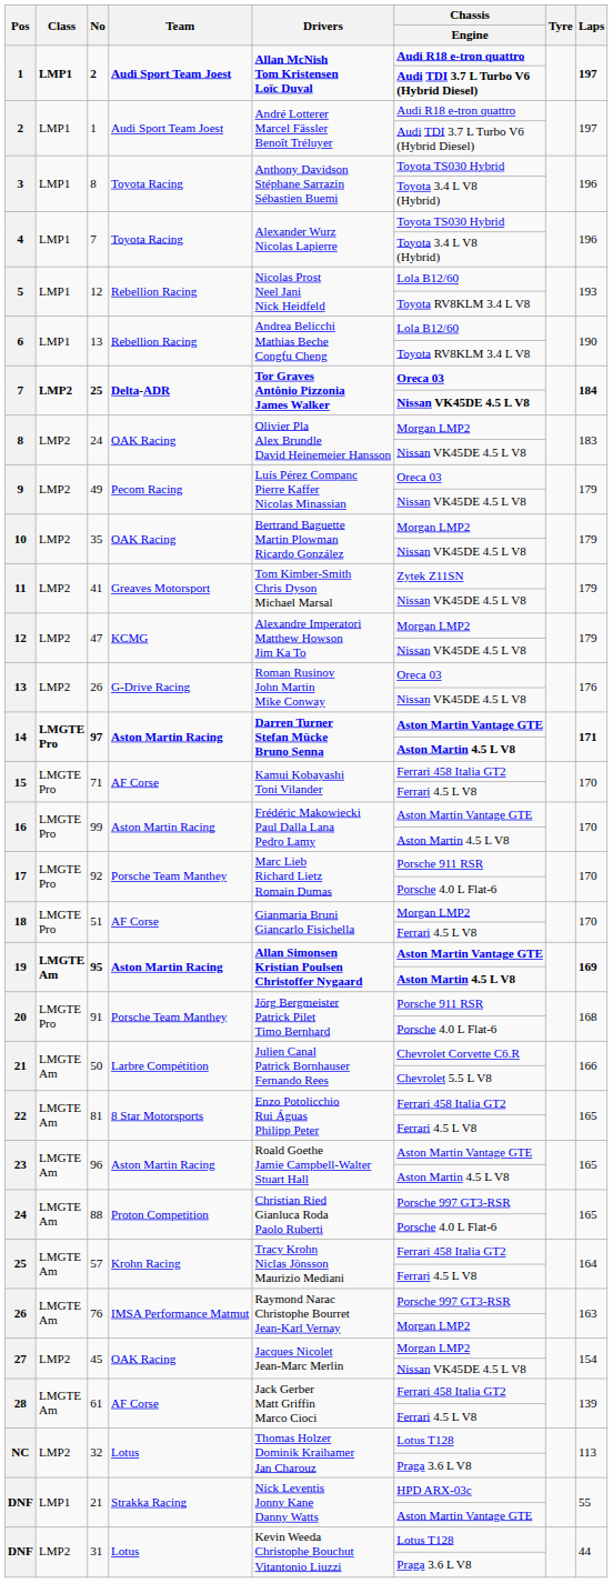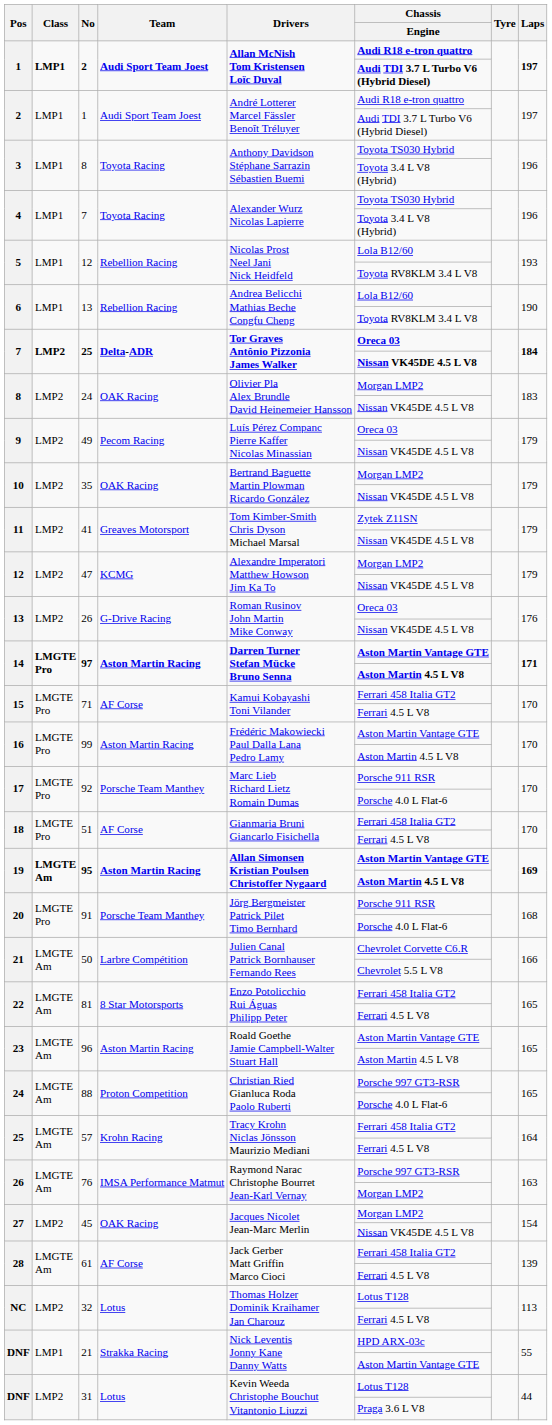 <table class="wikitable" style="font-size: 95%;">
 <tr>
 <th rowspan=2>Pos</th>
 <th rowspan=2>Class</th>
 <th rowspan=2>No</th>
 <th rowspan=2>Team</th>
 <th rowspan=2>Drivers</th>
 <th>Chassis</th>
 <th rowspan=2>Tyre</th>
 <th rowspan=2>Laps</th>
 </tr>
 <tr>
 <th>Engine</th>
 </tr>
 <tr style="font-weight:bold">
 <th rowspan=2>1</th>
 <td rowspan=2>LMP1</td>
 <td rowspan=2>2</td>
 <td rowspan=2> <a href='#'>Audi Sport Team Joest</a></td>
 <td rowspan=2> <a href='#'>Allan McNish</a><br> <a href='#'>Tom Kristensen</a><br> <a href='#'>Loïc Duval</a></td>
 <td><a href='#'>Audi R18 e-tron quattro</a></td>
 <td rowspan=2></td>
 <td rowspan=2>197</td>
 </tr>
 <tr style="font-weight:bold">
 <td><a href='#'>Audi</a> <a href='#'>TDI</a> 3.7 L Turbo V6<br>(Hybrid Diesel)</td>
 </tr>
 <tr>
 <th rowspan=2>2</th>
 <td rowspan=2>LMP1</td>
 <td rowspan=2>1</td>
 <td rowspan=2> <a href='#'>Audi Sport Team Joest</a></td>
 <td rowspan=2> <a href='#'>André Lotterer</a><br> <a href='#'>Marcel Fässler</a><br> <a href='#'>Benoît Tréluyer</a></td>
 <td><a href='#'>Audi R18 e-tron quattro</a></td>
 <td rowspan=2></td>
 <td rowspan=2>197</td>
 </tr>
 <tr>
 <td><a href='#'>Audi</a> <a href='#'>TDI</a> 3.7 L Turbo V6<br>(Hybrid Diesel)</td>
 </tr>
 <tr>
 <th rowspan=2>3</th>
 <td rowspan=2>LMP1</td>
 <td rowspan=2>8</td>
 <td rowspan=2> <a href='#'>Toyota Racing</a></td>
 <td rowspan=2> <a href='#'>Anthony Davidson</a><br> <a href='#'>Stéphane Sarrazin</a><br> <a href='#'>Sébastien Buemi</a></td>
 <td><a href='#'>Toyota TS030 Hybrid</a></td>
 <td rowspan=2></td>
 <td rowspan=2>196</td>
 </tr>
 <tr>
 <td><a href='#'>Toyota</a> 3.4 L V8<br>(Hybrid)</td>
 </tr>
 <tr>
 <th rowspan=2>4</th>
 <td rowspan=2>LMP1</td>
 <td rowspan=2>7</td>
 <td rowspan=2> <a href='#'>Toyota Racing</a></td>
 <td rowspan=2> <a href='#'>Alexander Wurz</a><br> <a href='#'>Nicolas Lapierre</a></td>
 <td><a href='#'>Toyota TS030 Hybrid</a></td>
 <td rowspan=2></td>
 <td rowspan=2>196</td>
 </tr>
 <tr>
 <td><a href='#'>Toyota</a> 3.4 L V8<br>(Hybrid)</td>
 </tr>
 <tr>
 <th rowspan=2>5</th>
 <td rowspan=2>LMP1</td>
 <td rowspan=2>12</td>
 <td rowspan=2> <a href='#'>Rebellion Racing</a></td>
 <td rowspan=2> <a href='#'>Nicolas Prost</a><br> <a href='#'>Neel Jani</a><br> <a href='#'>Nick Heidfeld</a></td>
 <td><a href='#'>Lola B12/60</a></td>
 <td rowspan=2></td>
 <td rowspan=2>193</td>
 </tr>
 <tr>
 <td><a href='#'>Toyota</a> RV8KLM 3.4 L V8</td>
 </tr>
 <tr>
 <th rowspan=2>6</th>
 <td rowspan=2>LMP1</td>
 <td rowspan=2>13</td>
 <td rowspan=2> <a href='#'>Rebellion Racing</a></td>
 <td rowspan=2> <a href='#'>Andrea Belicchi</a><br> <a href='#'>Mathias Beche</a><br> <a href='#'>Congfu Cheng</a></td>
 <td><a href='#'>Lola B12/60</a></td>
 <td rowspan=2></td>
 <td rowspan=2>190</td>
 </tr>
 <tr>
 <td><a href='#'>Toyota</a> RV8KLM 3.4 L V8</td>
 </tr>
 <tr style="font-weight:bold">
 <th rowspan=2>7</th>
 <td rowspan=2>LMP2</td>
 <td rowspan=2>25</td>
 <td rowspan=2> <a href='#'>Delta</a>-<a href='#'>ADR</a></td>
 <td rowspan=2> <a href='#'>Tor Graves</a><br> <a href='#'>Antônio Pizzonia</a><br> <a href='#'>James Walker</a></td>
 <td><a href='#'>Oreca 03</a></td>
 <td rowspan=2></td>
 <td rowspan=2>184</td>
 </tr>
 <tr style="font-weight:bold">
 <td><a href='#'>Nissan</a> VK45DE 4.5 L V8</td>
 </tr>
 <tr>
 <th rowspan=2>8</th>
 <td rowspan=2>LMP2</td>
 <td rowspan=2>24</td>
 <td rowspan=2> <a href='#'>OAK Racing</a></td>
 <td rowspan=2> <a href='#'>Olivier Pla</a><br> <a href='#'>Alex Brundle</a><br> <a href='#'>David Heinemeier Hansson</a></td>
 <td><a href='#'>Morgan LMP2</a></td>
 <td rowspan=2></td>
 <td rowspan=2>183</td>
 </tr>
 <tr>
 <td><a href='#'>Nissan</a> VK45DE 4.5 L V8</td>
 </tr>
 <tr>
 <th rowspan=2>9</th>
 <td rowspan=2>LMP2</td>
 <td rowspan=2>49</td>
 <td rowspan=2> <a href='#'>Pecom Racing</a></td>
 <td rowspan=2> <a href='#'>Luís Pérez Companc</a><br> <a href='#'>Pierre Kaffer</a><br> <a href='#'>Nicolas Minassian</a></td>
 <td><a href='#'>Oreca 03</a></td>
 <td rowspan=2></td>
 <td rowspan=2>179</td>
 </tr>
 <tr>
 <td><a href='#'>Nissan</a> VK45DE 4.5 L V8</td>
 </tr>
 <tr>
 <th rowspan=2>10</th>
 <td rowspan=2>LMP2</td>
 <td rowspan=2>35</td>
 <td rowspan=2> <a href='#'>OAK Racing</a></td>
 <td rowspan=2> <a href='#'>Bertrand Baguette</a><br> <a href='#'>Martin Plowman</a><br> <a href='#'>Ricardo González</a></td>
 <td><a href='#'>Morgan LMP2</a></td>
 <td rowspan=2></td>
 <td rowspan=2>179</td>
 </tr>
 <tr>
 <td><a href='#'>Nissan</a> VK45DE 4.5 L V8</td>
 </tr>
 <tr>
 <th rowspan=2>11</th>
 <td rowspan=2>LMP2</td>
 <td rowspan=2>41</td>
 <td rowspan=2> <a href='#'>Greaves Motorsport</a></td>
 <td rowspan=2> <a href='#'>Tom Kimber-Smith</a><br> <a href='#'>Chris Dyson</a><br> Michael Marsal</td>
 <td><a href='#'>Zytek Z11SN</a></td>
 <td rowspan=2></td>
 <td rowspan=2>179</td>
 </tr>
 <tr>
 <td><a href='#'>Nissan</a> VK45DE 4.5 L V8</td>
 </tr>
 <tr>
 <th rowspan=2>12</th>
 <td rowspan=2>LMP2</td>
 <td rowspan=2>47</td>
 <td rowspan=2> <a href='#'>KCMG</a></td>
 <td rowspan=2> <a href='#'>Alexandre Imperatori</a><br> <a href='#'>Matthew Howson</a><br> <a href='#'>Jim Ka To</a></td>
 <td><a href='#'>Morgan LMP2</a></td>
 <td rowspan=2></td>
 <td rowspan=2>179</td>
 </tr>
 <tr>
 <td><a href='#'>Nissan</a> VK45DE 4.5 L V8</td>
 </tr>
 <tr>
 <th rowspan=2>13</th>
 <td rowspan=2>LMP2</td>
 <td rowspan=2>26</td>
 <td rowspan=2> <a href='#'>G-Drive Racing</a></td>
 <td rowspan=2> <a href='#'>Roman Rusinov</a><br> <a href='#'>John Martin</a><br> <a href='#'>Mike Conway</a></td>
 <td><a href='#'>Oreca 03</a></td>
 <td rowspan=2></td>
 <td rowspan=2>176</td>
 </tr>
 <tr>
 <td><a href='#'>Nissan</a> VK45DE 4.5 L V8</td>
 </tr>
 <tr style="font-weight:bold">
 <th rowspan=2>14</th>
 <td rowspan=2>LMGTE<br>Pro</td>
 <td rowspan=2>97</td>
 <td rowspan=2> <a href='#'>Aston Martin Racing</a></td>
 <td rowspan=2> <a href='#'>Darren Turner</a><br> <a href='#'>Stefan Mücke</a><br> <a href='#'>Bruno Senna</a></td>
 <td><a href='#'>Aston Martin Vantage GTE</a></td>
 <td rowspan=2></td>
 <td rowspan=2>171</td>
 </tr>
 <tr style="font-weight:bold">
 <td><a href='#'>Aston Martin</a> 4.5 L V8</td>
 </tr>
 <tr>
 <th rowspan=2>15</th>
 <td rowspan=2>LMGTE<br>Pro</td>
 <td rowspan=2>71</td>
 <td rowspan=2> <a href='#'>AF Corse</a></td>
 <td rowspan=2> <a href='#'>Kamui Kobayashi</a><br> <a href='#'>Toni Vilander</a></td>
 <td><a href='#'>Ferrari 458 Italia GT2</a></td>
 <td rowspan=2></td>
 <td rowspan=2>170</td>
 </tr>
 <tr>
 <td><a href='#'>Ferrari</a> 4.5 L V8</td>
 </tr>
 <tr>
 <th rowspan=2>16</th>
 <td rowspan=2>LMGTE<br>Pro</td>
 <td rowspan=2>99</td>
 <td rowspan=2> <a href='#'>Aston Martin Racing</a></td>
 <td rowspan=2> <a href='#'>Frédéric Makowiecki</a><br> <a href='#'>Paul Dalla Lana</a><br> <a href='#'>Pedro Lamy</a></td>
 <td><a href='#'>Aston Martin Vantage GTE</a></td>
 <td rowspan=2></td>
 <td rowspan=2>170</td>
 </tr>
 <tr>
 <td><a href='#'>Aston Martin</a> 4.5 L V8</td>
 </tr>
 <tr>
 <th rowspan=2>17</th>
 <td rowspan=2>LMGTE<br>Pro</td>
 <td rowspan=2>92</td>
 <td rowspan=2> <a href='#'>Porsche Team Manthey</a></td>
 <td rowspan=2> <a href='#'>Marc Lieb</a><br> <a href='#'>Richard Lietz</a><br> <a href='#'>Romain Dumas</a></td>
 <td><a href='#'>Porsche 911 RSR</a></td>
 <td rowspan=2></td>
 <td rowspan=2>170</td>
 </tr>
 <tr>
 <td><a href='#'>Porsche</a> 4.0 L Flat-6</td>
 </tr>
 <tr>
 <th rowspan=2>18</th>
 <td rowspan=2>LMGTE<br>Pro</td>
 <td rowspan=2>51</td>
 <td rowspan=2> <a href='#'>AF Corse</a></td>
 <td rowspan=2> <a href='#'>Gianmaria Bruni</a><br> <a href='#'>Giancarlo Fisichella</a></td>
-<td><a href='#'>Morgan LMP2</a></td>
+<td><a href='#'>Ferrari 458 Italia GT2</a></td>
 <td rowspan=2></td>
 <td rowspan=2>170</td>
 </tr>
 <tr>
 <td><a href='#'>Ferrari</a> 4.5 L V8</td>
 </tr>
 <tr style="font-weight:bold">
 <th rowspan=2>19</th>
 <td rowspan=2>LMGTE<br>Am</td>
 <td rowspan=2>95</td>
 <td rowspan=2> <a href='#'>Aston Martin Racing</a></td>
 <td rowspan=2> <a href='#'>Allan Simonsen</a><br> <a href='#'>Kristian Poulsen</a><br> <a href='#'>Christoffer Nygaard</a></td>
 <td><a href='#'>Aston Martin Vantage GTE</a></td>
 <td rowspan=2></td>
 <td rowspan=2>169</td>
 </tr>
 <tr style="font-weight:bold">
 <td><a href='#'>Aston Martin</a> 4.5 L V8</td>
 </tr>
 <tr>
 <th rowspan=2>20</th>
 <td rowspan=2>LMGTE<br>Pro</td>
 <td rowspan=2>91</td>
 <td rowspan=2> <a href='#'>Porsche Team Manthey</a></td>
 <td rowspan=2> <a href='#'>Jörg Bergmeister</a><br> <a href='#'>Patrick Pilet</a><br> <a href='#'>Timo Bernhard</a></td>
 <td><a href='#'>Porsche 911 RSR</a></td>
 <td rowspan=2></td>
 <td rowspan=2>168</td>
 </tr>
 <tr>
 <td><a href='#'>Porsche</a> 4.0 L Flat-6</td>
 </tr>
 <tr>
 <th rowspan=2>21</th>
 <td rowspan=2>LMGTE<br>Am</td>
 <td rowspan=2>50</td>
 <td rowspan=2> <a href='#'>Larbre Compétition</a></td>
 <td rowspan=2> <a href='#'>Julien Canal</a><br> <a href='#'>Patrick Bornhauser</a><br> <a href='#'>Fernando Rees</a></td>
 <td><a href='#'>Chevrolet Corvette C6.R</a></td>
 <td rowspan=2></td>
 <td rowspan=2>166</td>
 </tr>
 <tr>
 <td><a href='#'>Chevrolet</a> 5.5 L V8</td>
 </tr>
 <tr>
 <th rowspan=2>22</th>
 <td rowspan=2>LMGTE<br>Am</td>
 <td rowspan=2>81</td>
 <td rowspan=2> <a href='#'>8 Star Motorsports</a></td>
 <td rowspan=2> <a href='#'>Enzo Potolicchio</a><br> <a href='#'>Rui Águas</a><br> <a href='#'>Philipp Peter</a></td>
 <td><a href='#'>Ferrari 458 Italia GT2</a></td>
 <td rowspan=2></td>
 <td rowspan=2>165</td>
 </tr>
 <tr>
 <td><a href='#'>Ferrari</a> 4.5 L V8</td>
 </tr>
 <tr>
 <th rowspan=2>23</th>
 <td rowspan=2>LMGTE<br>Am</td>
 <td rowspan=2>96</td>
 <td rowspan=2> <a href='#'>Aston Martin Racing</a></td>
 <td rowspan=2> Roald Goethe<br> <a href='#'>Jamie Campbell-Walter</a><br> <a href='#'>Stuart Hall</a></td>
 <td><a href='#'>Aston Martin Vantage GTE</a></td>
 <td rowspan=2></td>
 <td rowspan=2>165</td>
 </tr>
 <tr>
 <td><a href='#'>Aston Martin</a> 4.5 L V8</td>
 </tr>
 <tr>
 <th rowspan=2>24</th>
 <td rowspan=2>LMGTE<br>Am</td>
 <td rowspan=2>88</td>
 <td rowspan=2> <a href='#'>Proton Competition</a></td>
 <td rowspan=2> <a href='#'>Christian Ried</a><br> Gianluca Roda<br> <a href='#'>Paolo Ruberti</a></td>
 <td><a href='#'>Porsche 997 GT3-RSR</a></td>
 <td rowspan=2></td>
 <td rowspan=2>165</td>
 </tr>
 <tr>
 <td><a href='#'>Porsche</a> 4.0 L Flat-6</td>
 </tr>
 <tr>
 <th rowspan=2>25</th>
 <td rowspan=2>LMGTE<br>Am</td>
 <td rowspan=2>57</td>
 <td rowspan=2> <a href='#'>Krohn Racing</a></td>
 <td rowspan=2> <a href='#'>Tracy Krohn</a><br> <a href='#'>Niclas Jönsson</a><br> Maurizio Mediani</td>
 <td><a href='#'>Ferrari 458 Italia GT2</a></td>
 <td rowspan=2></td>
 <td rowspan=2>164</td>
 </tr>
 <tr>
 <td><a href='#'>Ferrari</a> 4.5 L V8</td>
 </tr>
 <tr>
 <th rowspan=2>26</th>
 <td rowspan=2>LMGTE<br>Am</td>
 <td rowspan=2>76</td>
 <td rowspan=2> <a href='#'>IMSA Performance Matmut</a></td>
 <td rowspan=2> Raymond Narac<br> Christophe Bourret<br> <a href='#'>Jean-Karl Vernay</a></td>
 <td><a href='#'>Porsche 997 GT3-RSR</a></td>
 <td rowspan=2></td>
 <td rowspan=2>163</td>
 </tr>
 <tr>
 <td><a href='#'>Morgan LMP2</a></td>
 </tr>
 <tr>
 <th rowspan=2>27</th>
 <td rowspan=2>LMP2</td>
 <td rowspan=2>45</td>
 <td rowspan=2> <a href='#'>OAK Racing</a></td>
 <td rowspan=2> <a href='#'>Jacques Nicolet</a><br> Jean-Marc Merlin</td>
 <td><a href='#'>Morgan LMP2</a></td>
 <td rowspan=2></td>
 <td rowspan=2>154</td>
 </tr>
 <tr>
 <td><a href='#'>Nissan</a> VK45DE 4.5 L V8</td>
 </tr>
 <tr>
 <th rowspan=2>28</th>
 <td rowspan=2>LMGTE<br>Am</td>
 <td rowspan=2>61</td>
 <td rowspan=2> <a href='#'>AF Corse</a></td>
 <td rowspan=2> Jack Gerber<br> Matt Griffin<br> Marco Cioci</td>
 <td><a href='#'>Ferrari 458 Italia GT2</a></td>
 <td rowspan=2></td>
 <td rowspan=2>139</td>
 </tr>
 <tr>
 <td><a href='#'>Ferrari</a> 4.5 L V8</td>
 </tr>
 <tr>
 <th rowspan=2>NC</th>
 <td rowspan=2>LMP2</td>
 <td rowspan=2>32</td>
 <td rowspan=2> <a href='#'>Lotus</a></td>
 <td rowspan=2> <a href='#'>Thomas Holzer</a><br> <a href='#'>Dominik Kraihamer</a><br> <a href='#'>Jan Charouz</a></td>
 <td><a href='#'>Lotus T128</a></td>
 <td rowspan=2></td>
 <td rowspan=2>113</td>
 </tr>
 <tr>
-<td><a href='#'>Praga</a> 3.6 L V8</td>
+<td><a href='#'>Ferrari</a> 4.5 L V8</td>
 </tr>
 <tr>
 <th rowspan=2>DNF</th>
 <td rowspan=2>LMP1</td>
 <td rowspan=2>21</td>
 <td rowspan=2> <a href='#'>Strakka Racing</a></td>
 <td rowspan=2> <a href='#'>Nick Leventis</a><br> <a href='#'>Jonny Kane</a><br> <a href='#'>Danny Watts</a></td>
 <td><a href='#'>HPD ARX-03c</a></td>
 <td rowspan=2></td>
 <td rowspan=2>55</td>
 </tr>
 <tr>
 <td><a href='#'>Aston Martin Vantage GTE</a></td>
 </tr>
 <tr>
 <th rowspan=2>DNF</th>
 <td rowspan=2>LMP2</td>
 <td rowspan=2>31</td>
 <td rowspan=2> <a href='#'>Lotus</a></td>
 <td rowspan=2> Kevin Weeda<br> <a href='#'>Christophe Bouchut</a><br> <a href='#'>Vitantonio Liuzzi</a></td>
 <td><a href='#'>Lotus T128</a></td>
 <td rowspan=2></td>
 <td rowspan=2>44</td>
 </tr>
 <tr>
 <td><a href='#'>Praga</a> 3.6 L V8</td>
 </tr>
 </table>
